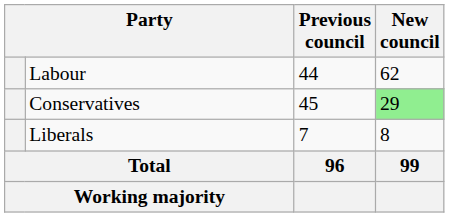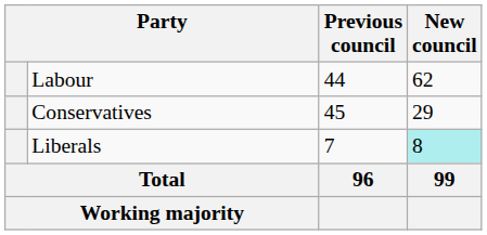 <table class="wikitable">
 <tr>
 <th valign=top colspan="2" style="width: 230px">Party</th>
 <th valign=top style="width: 30px">Previous council</th>
 <th valign=top style="width: 30px">New council</th>
 </tr>
 <tr>
 <th style="background-color: "></th>
 <td>Labour</td>
 <td>44</td>
 <td>62</td>
 </tr>
 <tr>
 <th style="background-color: "></th>
 <td>Conservatives</td>
 <td>45</td>
-<td style="background: lightgreen;">29</td>
+<td>29</td>
 </tr>
 <tr>
 <th style="background-color: "></th>
 <td>Liberals</td>
 <td>7</td>
-<td>8</td>
+<td style="background: paleturquoise;">8</td>
 </tr>
 <tr>
 <th colspan=2>Total</th>
 <th style="text-align: center">96</th>
 <th colspan=3>99</th>
 </tr>
 <tr>
 <th colspan=2>Working majority</th>
 <th></th>
 <th></th>
 </tr>
 </table>
